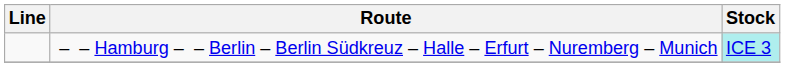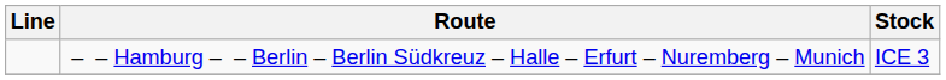 <table class="wikitable">
 <tr>
 <th>Line</th>
 <th>Route</th>
 <th>Stock</th>
 </tr>
 <tr>
 <td></td>
 <td> –  – <a href='#'>Hamburg</a> –  – <a href='#'>Berlin</a> – <a href='#'>Berlin Südkreuz</a> – <a href='#'>Halle</a> – <a href='#'>Erfurt</a> – <a href='#'>Nuremberg</a> – <a href='#'>Munich</a></td>
-<td style="background: paleturquoise;"><a href='#'>ICE 3</a></td>
+<td><a href='#'>ICE 3</a></td>
 </tr>
 <tr>
 </tr>
 </table>
